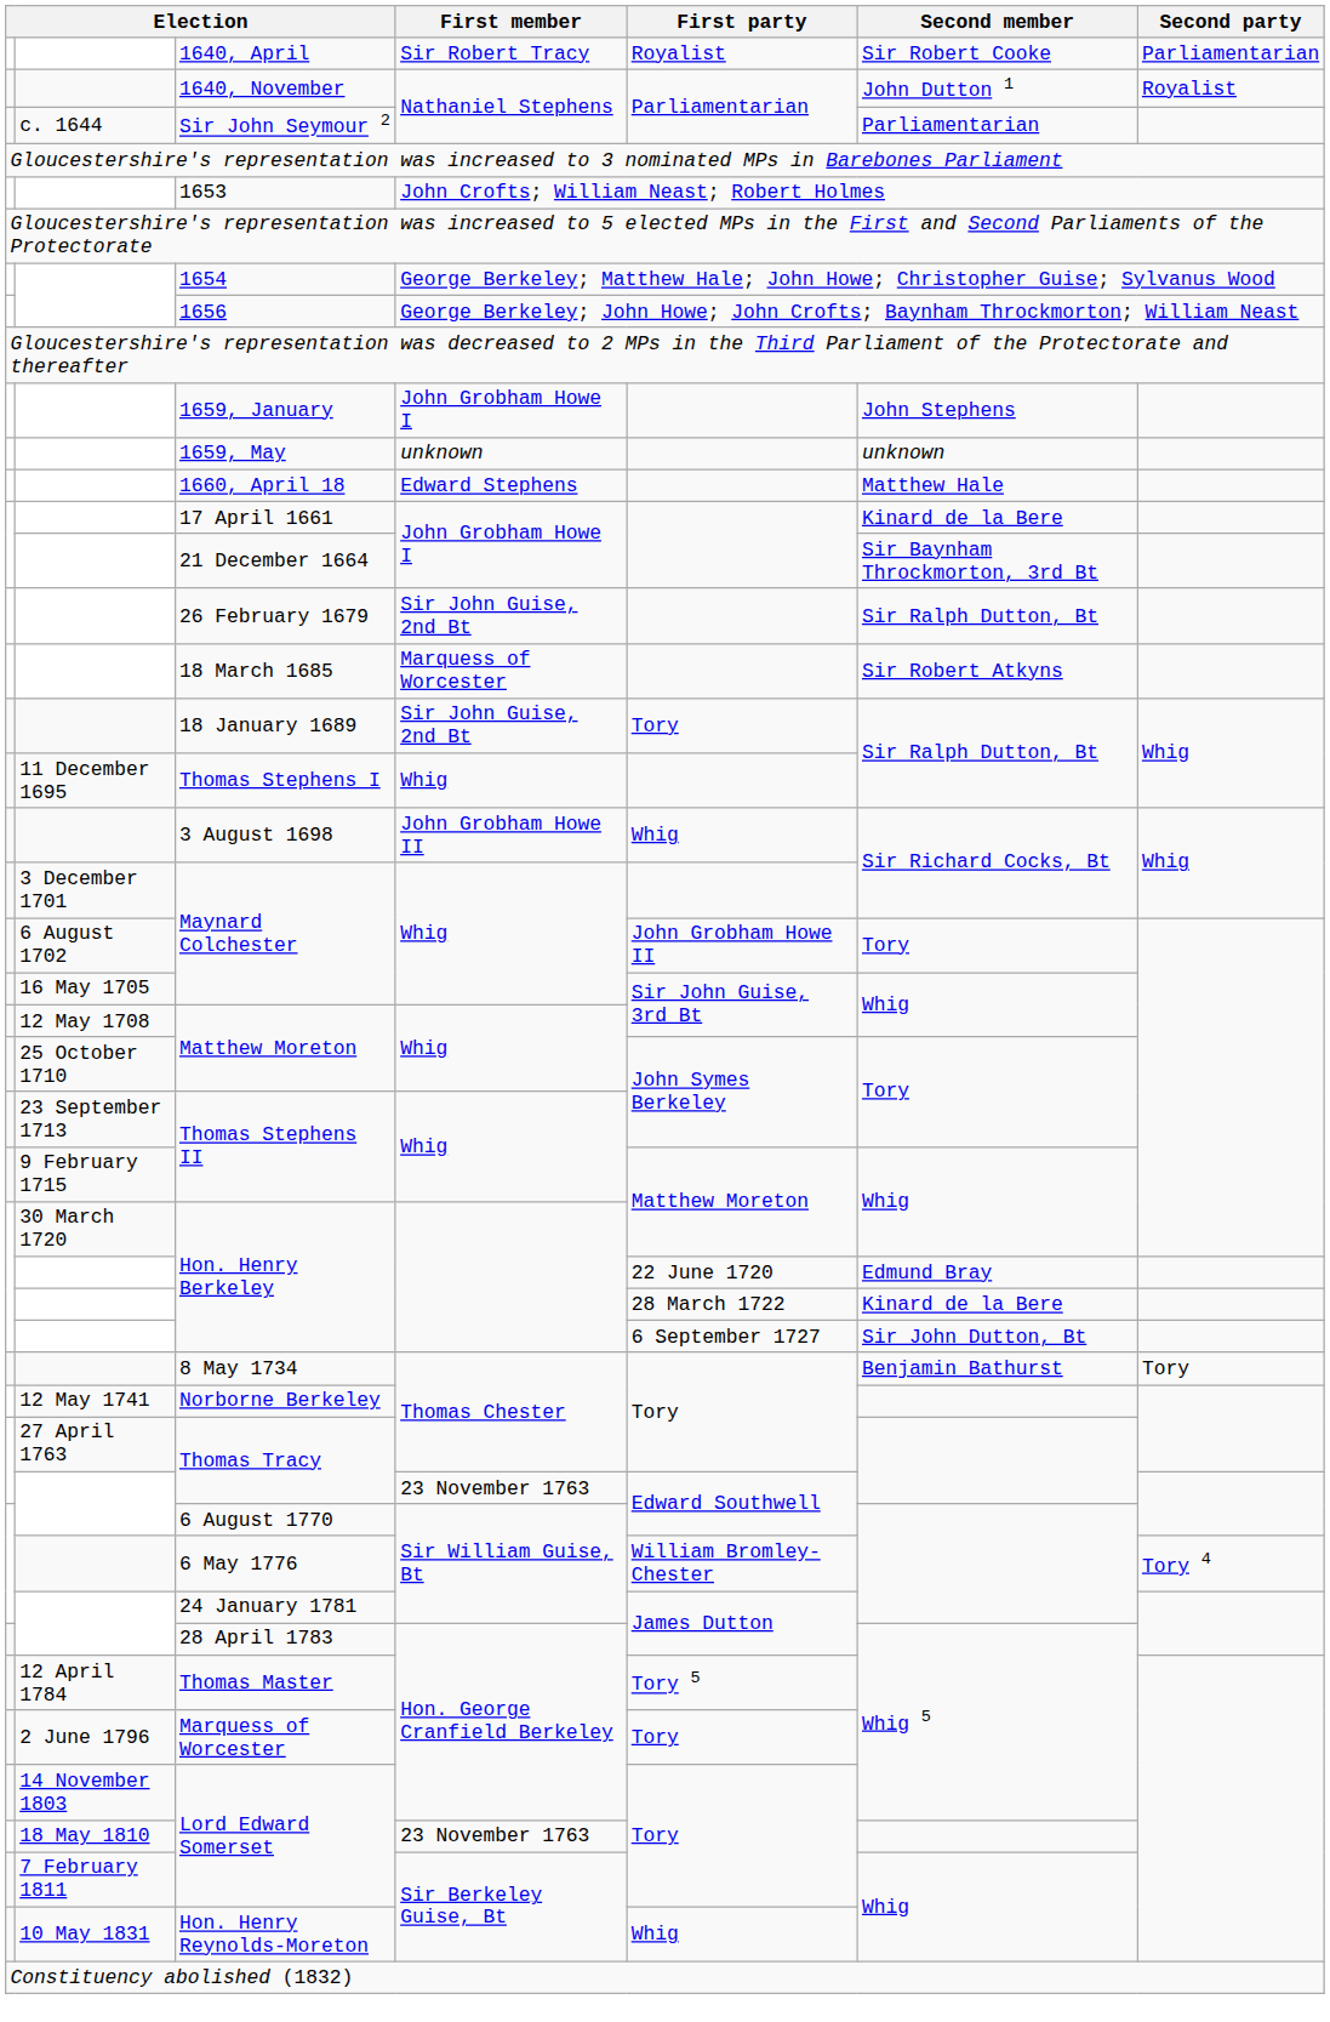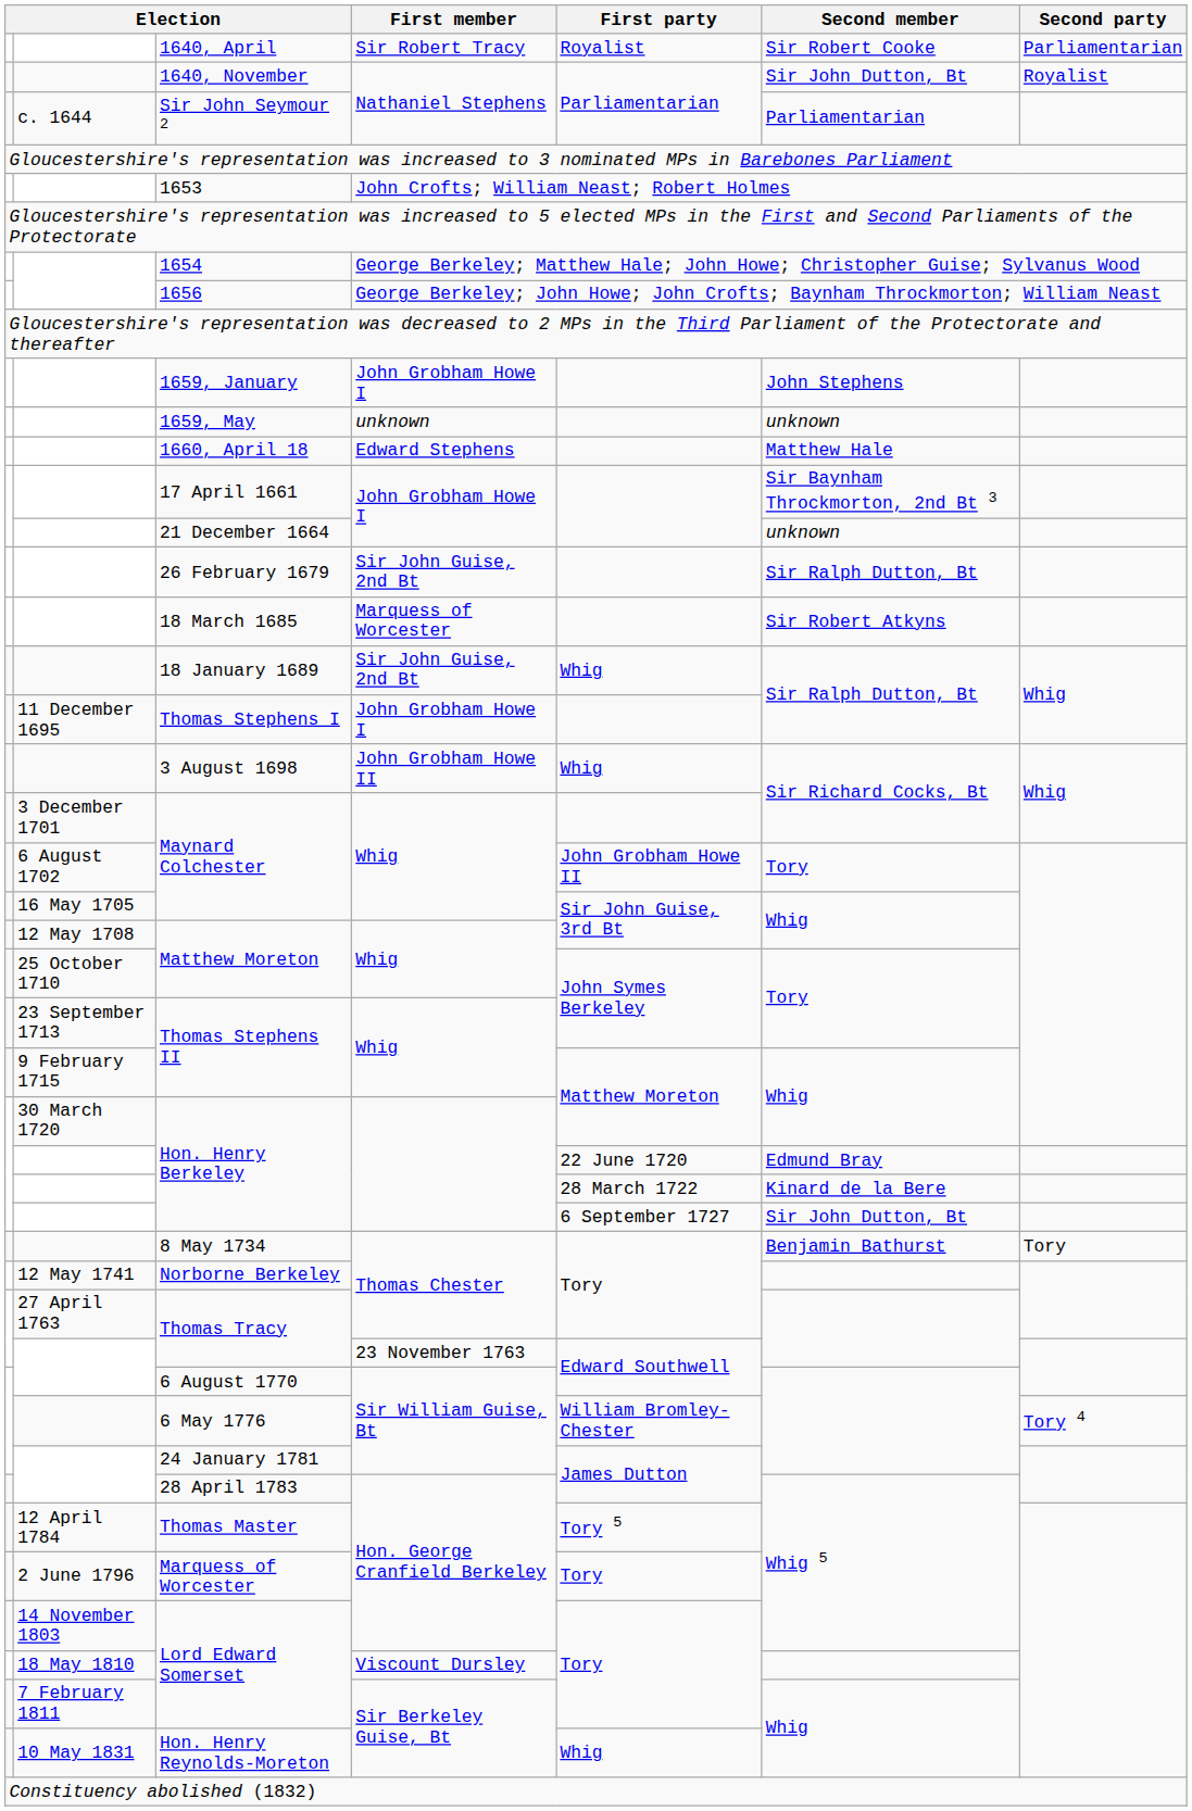 <table class="wikitable">
 <tr>
 <th colspan="3">Election</th>
 <th>First member</th>
 <th>First party</th>
 <th>Second member</th>
 <th>Second party</th>
 </tr>
 <tr>
 <td style="color:inherit;background-color: white"></td>
 <td style="color:inherit;background-color: white"></td>
 <td><a href='#'>1640, April</a></td>
 <td><a href='#'>Sir Robert Tracy</a></td>
 <td><a href='#'>Royalist</a></td>
 <td><a href='#'>Sir Robert Cooke</a></td>
 <td><a href='#'>Parliamentarian</a></td>
 </tr>
 <tr>
 <td style="color:inherit;background-color: "></td>
 <td style="color:inherit;background-color: "></td>
 <td><a href='#'>1640, November</a></td>
 <td rowspan="2"><a href='#'>Nathaniel Stephens</a></td>
 <td rowspan="2"><a href='#'>Parliamentarian</a></td>
-<td><a href='#'>John Dutton</a> <sup>1</sup></td>
+<td><a href='#'>Sir John Dutton, Bt</a> </td>
 <td><a href='#'>Royalist</a></td>
 </tr>
 <tr>
 <td style="color:inherit;background-color: "></td>
 <td>c. 1644</td>
 <td><a href='#'>Sir John Seymour</a> <sup>2</sup></td>
 <td><a href='#'>Parliamentarian</a></td>
 </tr>
 <tr>
 <td colspan="7"><em>Gloucestershire's representation was increased to 3 nominated MPs in <a href='#'>Barebones Parliament</a></em></td>
 </tr>
 <tr>
 <td style="color:inherit;background-color: white"></td>
 <td style="color:inherit;background-color: white"></td>
 <td>1653</td>
 <td colspan="4"><a href='#'>John Crofts</a>; <a href='#'>William Neast</a>; <a href='#'>Robert Holmes</a></td>
 </tr>
 <tr>
 <td colspan="7"><em>Gloucestershire's representation was increased to 5 elected MPs in the <a href='#'>First</a> and <a href='#'>Second</a> Parliaments of the Protectorate</em></td>
 </tr>
 <tr>
 <td style="color:inherit;background-color: white"></td>
 <td rowspan="2" style="color:inherit;background-color: white"></td>
 <td><a href='#'>1654</a></td>
 <td colspan="4"><a href='#'>George Berkeley</a>; <a href='#'>Matthew Hale</a>; <a href='#'>John Howe</a>; <a href='#'>Christopher Guise</a>; <a href='#'>Sylvanus Wood</a></td>
 </tr>
 <tr>
 <td style="color:inherit;background-color: white"></td>
 <td><a href='#'>1656</a></td>
 <td colspan="4"><a href='#'>George Berkeley</a>; <a href='#'>John Howe</a>;  <a href='#'>John Crofts</a>; <a href='#'>Baynham Throckmorton</a>; <a href='#'>William Neast</a></td>
 </tr>
 <tr>
 <td colspan="7"><em>Gloucestershire's representation was decreased to 2 MPs in the <a href='#'>Third</a> Parliament of the Protectorate and thereafter</em></td>
 </tr>
 <tr>
 <td style="color:inherit;background-color: white"></td>
 <td style="color:inherit;background-color: white"></td>
 <td><a href='#'>1659, January</a></td>
 <td><a href='#'>John Grobham Howe I</a> </td>
 <td></td>
 <td><a href='#'>John Stephens</a></td>
 <td></td>
 </tr>
 <tr>
 <td style="color:inherit;background-color: white"></td>
 <td style="color:inherit;background-color: white"></td>
 <td><a href='#'>1659, May</a></td>
 <td><em>unknown</em></td>
 <td></td>
 <td><em>unknown</em></td>
 <td></td>
 </tr>
 <tr>
 <td style="color:inherit;background-color: white"></td>
 <td style="color:inherit;background-color: white"></td>
 <td><a href='#'>1660, April 18</a></td>
 <td><a href='#'>Edward Stephens</a> </td>
 <td></td>
 <td><a href='#'>Matthew Hale</a> </td>
 <td></td>
 </tr>
 <tr>
 <td style="color:inherit;background-color: white" rowspan="2"></td>
 <td style="color:inherit;background-color: white"></td>
 <td>17 April 1661</td>
 <td rowspan="2"><a href='#'>John Grobham Howe I</a> </td>
 <td rowspan="2"></td>
-<td><a href='#'>Kinard de la Bere</a> </td>
+<td><a href='#'>Sir Baynham Throckmorton, 2nd Bt</a>  <sup>3</sup></td>
 <td></td>
 </tr>
 <tr>
 <td style="color:inherit;background-color: white"></td>
 <td>21 December 1664</td>
-<td><a href='#'>Sir Baynham Throckmorton, 3rd Bt</a> </td>
+<td><em>unknown</em></td>
 <td></td>
 </tr>
 <tr>
 <td style="color:inherit;background-color: white"></td>
 <td style="color:inherit;background-color: white"></td>
 <td>26 February 1679</td>
 <td><a href='#'>Sir John Guise, 2nd Bt</a> </td>
 <td></td>
 <td><a href='#'>Sir Ralph Dutton, Bt</a> </td>
 <td></td>
 </tr>
 <tr>
 <td style="color:inherit;background-color: white"></td>
 <td style="color:inherit;background-color: white"></td>
 <td>18 March 1685</td>
 <td><a href='#'>Marquess of Worcester</a> </td>
 <td></td>
 <td><a href='#'>Sir Robert Atkyns</a> </td>
 <td></td>
 </tr>
 <tr>
 <td style="color:inherit;background-color: "></td>
 <td style="color:inherit;background-color: "></td>
 <td>18 January 1689</td>
 <td><a href='#'>Sir John Guise, 2nd Bt</a> </td>
-<td><a href='#'>Tory</a></td>
+<td><a href='#'>Whig</a></td>
 <td rowspan="2"><a href='#'>Sir Ralph Dutton, Bt</a> </td>
 <td rowspan="2"><a href='#'>Whig</a></td>
 </tr>
 <tr>
 <td style="color:inherit;background-color: "></td>
 <td>11 December 1695</td>
 <td><a href='#'>Thomas Stephens I</a> </td>
-<td><a href='#'>Whig</a></td>
+<td><a href='#'>John Grobham Howe I</a> </td>
 </tr>
 <tr>
 <td style="color:inherit;background-color: "></td>
 <td style="color:inherit;background-color: "></td>
 <td>3 August 1698</td>
 <td><a href='#'>John Grobham Howe II</a> </td>
 <td><a href='#'>Whig</a></td>
 <td rowspan="2"><a href='#'>Sir Richard Cocks, Bt</a> </td>
 <td rowspan="2"><a href='#'>Whig</a></td>
 </tr>
 <tr>
 <td style="color:inherit;background-color: "></td>
 <td>3 December 1701</td>
 <td rowspan="3"><a href='#'>Maynard Colchester</a> </td>
 <td rowspan="3"><a href='#'>Whig</a></td>
 </tr>
 <tr>
 <td style="color:inherit;background-color: "></td>
 <td>6 August 1702</td>
 <td><a href='#'>John Grobham Howe II</a> </td>
 <td><a href='#'>Tory</a></td>
 </tr>
 <tr>
 <td style="color:inherit;background-color: "></td>
 <td>16 May 1705</td>
 <td rowspan="2"><a href='#'>Sir John Guise, 3rd Bt</a> </td>
 <td rowspan="2"><a href='#'>Whig</a></td>
 </tr>
 <tr>
 <td style="color:inherit;background-color: "></td>
 <td>12 May 1708</td>
 <td rowspan="2"><a href='#'>Matthew Moreton</a> </td>
 <td rowspan="2"><a href='#'>Whig</a></td>
 </tr>
 <tr>
 <td style="color:inherit;background-color: "></td>
 <td>25 October 1710</td>
 <td rowspan="2"><a href='#'>John Symes Berkeley</a> </td>
 <td rowspan="2"><a href='#'>Tory</a></td>
 </tr>
 <tr>
 <td style="color:inherit;background-color: "></td>
 <td>23 September 1713</td>
 <td rowspan="2"><a href='#'>Thomas Stephens II</a> </td>
 <td rowspan="2"><a href='#'>Whig</a></td>
 </tr>
 <tr>
 <td style="color:inherit;background-color: "></td>
 <td>9 February 1715</td>
 <td rowspan="2"><a href='#'>Matthew Moreton</a> </td>
 <td rowspan="2"><a href='#'>Whig</a></td>
 </tr>
 <tr>
 <td style="color:inherit;background-color: white" rowspan="4"></td>
 <td>30 March 1720</td>
 <td rowspan="4"><a href='#'>Hon. Henry Berkeley</a> </td>
 <td rowspan="4"></td>
 </tr>
 <tr>
 <td style="color:inherit;background-color: white"></td>
 <td>22 June 1720</td>
 <td><a href='#'>Edmund Bray</a> </td>
 <td></td>
 </tr>
 <tr>
 <td style="color:inherit;background-color: white"></td>
 <td>28 March 1722</td>
 <td><a href='#'>Kinard de la Bere</a> </td>
 <td></td>
 </tr>
 <tr>
 <td style="color:inherit;background-color: white"></td>
 <td>6 September 1727</td>
 <td><a href='#'>Sir John Dutton, Bt</a> </td>
 <td></td>
 </tr>
 <tr>
 <td style="color:inherit;background-color: "></td>
 <td style="color:inherit;background-color: "></td>
 <td>8 May 1734</td>
 <td rowspan="3"><a href='#'>Thomas Chester</a> </td>
 <td rowspan="3">Tory</td>
 <td><a href='#'>Benjamin Bathurst</a> </td>
 <td>Tory</td>
 </tr>
 <tr>
 <td style="color:inherit;background-color: white"></td>
 <td>12 May 1741</td>
 <td><a href='#'>Norborne Berkeley</a> </td>
 <td></td>
 </tr>
 <tr>
 <td style="color:inherit;background-color: white" rowspan="2"></td>
 <td>27 April 1763</td>
 <td rowspan="2"><a href='#'>Thomas Tracy</a>  </td>
 <td rowspan="2"></td>
 </tr>
 <tr>
 <td style="color:inherit;background-color: white" rowspan="2"></td>
 <td>23 November 1763</td>
 <td rowspan="2"><a href='#'>Edward Southwell</a> </td>
 <td rowspan="2"></td>
 </tr>
 <tr>
 <td style="color:inherit;background-color: white" rowspan="3"></td>
 <td>6 August 1770</td>
 <td rowspan="3"><a href='#'>Sir William Guise, Bt</a> </td>
 <td rowspan="3"></td>
 </tr>
 <tr>
 <td style="color:inherit;background-color: "></td>
 <td>6 May 1776</td>
 <td><a href='#'>William Bromley-Chester</a> </td>
 <td><a href='#'>Tory</a> <sup>4</sup></td>
 </tr>
 <tr>
 <td style="color:inherit;background-color: white" rowspan="2"></td>
 <td>24 January 1781</td>
 <td rowspan="2"><a href='#'>James Dutton</a> </td>
 <td rowspan="2"></td>
 </tr>
 <tr>
 <td style="color:inherit;background-color: "></td>
 <td>28 April 1783</td>
 <td rowspan="4"><a href='#'>Hon. George Cranfield Berkeley</a> </td>
 <td rowspan="4"><a href='#'>Whig</a> <sup>5</sup></td>
 </tr>
 <tr>
 <td style="color:inherit;background-color: "></td>
 <td>12 April 1784</td>
 <td><a href='#'>Thomas Master</a> </td>
 <td><a href='#'>Tory</a> <sup>5</sup></td>
 </tr>
 <tr>
 <td style="color:inherit;background-color: "></td>
 <td>2 June 1796</td>
 <td><a href='#'>Marquess of Worcester</a> </td>
 <td><a href='#'>Tory</a></td>
 </tr>
 <tr>
 <td style="color:inherit;background-color: "></td>
 <td><a href='#'>14 November 1803</a></td>
 <td rowspan="3"><a href='#'>Lord Edward Somerset</a> </td>
 <td rowspan="3"><a href='#'>Tory</a></td>
 </tr>
 <tr>
 <td style="color:inherit;background-color: white"></td>
 <td><a href='#'>18 May 1810</a></td>
-<td>23 November 1763</td>
+<td><a href='#'>Viscount Dursley</a> </td>
 <td></td>
 </tr>
 <tr>
 <td style="color:inherit;background-color: "></td>
 <td><a href='#'>7 February 1811</a></td>
 <td rowspan="2"><a href='#'>Sir Berkeley Guise, Bt</a> </td>
 <td rowspan="2"><a href='#'>Whig</a></td>
 </tr>
 <tr>
 <td style="color:inherit;background-color: "></td>
 <td><a href='#'>10 May 1831</a></td>
 <td><a href='#'>Hon. Henry Reynolds-Moreton</a> </td>
 <td><a href='#'>Whig</a></td>
 </tr>
 <tr>
 <td colspan="7"><em>Constituency abolished</em> (1832)</td>
 </tr>
 </table>
